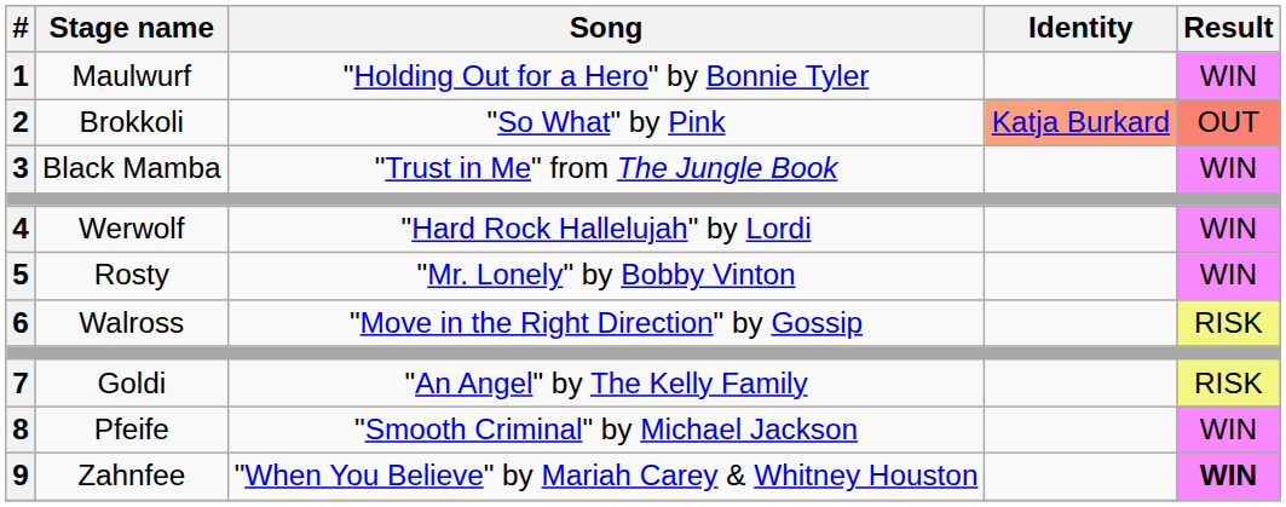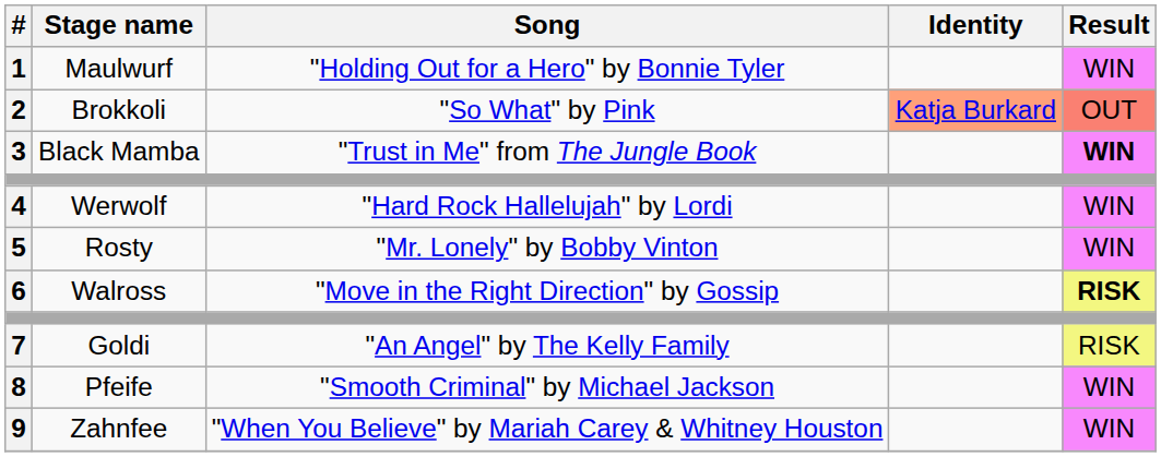 <table class="wikitable plainrowheaders" style="text-align: center;">
 <tr>
 <th>#</th>
 <th>Stage name</th>
 <th>Song</th>
 <th>Identity</th>
 <th>Result</th>
 </tr>
 <tr>
 <th>1</th>
 <td>Maulwurf</td>
 <td>"<a href='#'>Holding Out for a Hero</a>" by <a href='#'>Bonnie Tyler</a></td>
 <td></td>
 <td bgcolor="F888FD">WIN</td>
 </tr>
 <tr>
 <th>2</th>
 <td>Brokkoli</td>
 <td>"<a href='#'>So What</a>" by <a href='#'>Pink</a></td>
 <td style="background: lightsalmon;"><a href='#'>Katja Burkard</a></td>
 <td bgcolor=salmon>OUT</td>
 </tr>
 <tr>
 <th>3</th>
 <td>Black Mamba</td>
 <td>"<a href='#'>Trust in Me</a>" from <em><a href='#'>The Jungle Book</a></em></td>
 <td></td>
-<td bgcolor="F888FD">WIN</td>
+<td bgcolor="F888FD"><strong>WIN</strong></td>
 </tr>
 <tr>
 <td colspan="5" style="background:darkgray"></td>
 </tr>
 <tr>
 <th>4</th>
 <td>Werwolf</td>
 <td>"<a href='#'>Hard Rock Hallelujah</a>" by <a href='#'>Lordi</a></td>
 <td></td>
 <td bgcolor="F888FD">WIN</td>
 </tr>
 <tr>
 <th>5</th>
 <td>Rosty</td>
 <td>"<a href='#'>Mr. Lonely</a>" by <a href='#'>Bobby Vinton</a></td>
 <td></td>
 <td bgcolor="F888FD">WIN</td>
 </tr>
 <tr>
 <th>6</th>
 <td>Walross</td>
 <td>"<a href='#'>Move in the Right Direction</a>" by <a href='#'>Gossip</a></td>
 <td></td>
-<td bgcolor="F3F781">RISK</td>
+<td bgcolor="F3F781"><strong>RISK</strong></td>
 </tr>
 <tr>
 <td colspan="5" style="background:darkgray"></td>
 </tr>
 <tr>
 <th>7</th>
 <td>Goldi</td>
 <td>"<a href='#'>An Angel</a>" by <a href='#'>The Kelly Family</a></td>
 <td></td>
 <td bgcolor="F3F781">RISK</td>
 </tr>
 <tr>
 <th>8</th>
 <td>Pfeife</td>
 <td>"<a href='#'>Smooth Criminal</a>" by <a href='#'>Michael Jackson</a></td>
 <td></td>
 <td bgcolor="F888FD">WIN</td>
 </tr>
 <tr>
 <th>9</th>
 <td>Zahnfee</td>
 <td>"<a href='#'>When You Believe</a>" by <a href='#'>Mariah Carey</a> & <a href='#'>Whitney Houston</a></td>
 <td></td>
-<td bgcolor="F888FD"><strong>WIN</strong></td>
+<td bgcolor="F888FD">WIN</td>
 </tr>
 <tr>
 </tr>
 </table>
